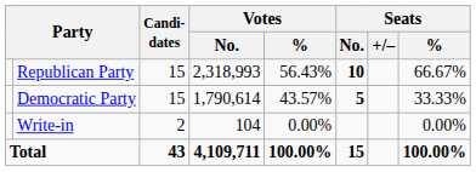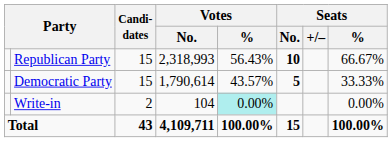 <table class="wikitable" style="font-size:100%; text-align:right;">
 <tr>
 <th colspan=2 rowspan=2>Party</th>
 <th rowspan=2><small>Candi-<br>dates</small></th>
 <th colspan=2>Votes</th>
 <th colspan=3>Seats</th>
 </tr>
 <tr>
 <th>No.</th>
 <th>%</th>
 <th>No.</th>
 <th>+/–</th>
 <th>%</th>
 </tr>
 <tr>
 <td style="background:"></td>
 <td align=left><a href='#'>Republican Party</a></td>
 <td>15</td>
 <td>2,318,993</td>
 <td>56.43%</td>
 <td><strong>10</strong></td>
 <td></td>
 <td>66.67%</td>
 </tr>
 <tr>
 <td style="background:"></td>
 <td align=left><a href='#'>Democratic Party</a></td>
 <td>15</td>
 <td>1,790,614</td>
 <td>43.57%</td>
 <td><strong>5</strong></td>
 <td></td>
 <td>33.33%</td>
 </tr>
 <tr>
 <td style="background:"></td>
 <td align=left><a href='#'>Write-in</a></td>
 <td>2</td>
 <td>104</td>
-<td>0.00%</td>
+<td style="background: paleturquoise;">0.00%</td>
 <td><strong> </strong></td>
 <td></td>
 <td>0.00%</td>
 </tr>
 <tr style="font-weight:bold">
 <td colspan=2 align=left>Total</td>
 <td>43</td>
 <td>4,109,711</td>
 <td>100.00%</td>
 <td>15</td>
 <td></td>
 <td>100.00%</td>
 </tr>
 </table>
